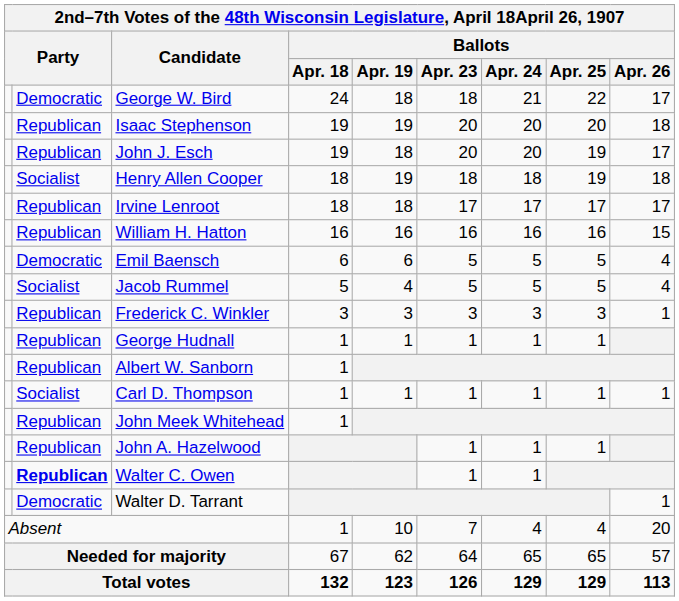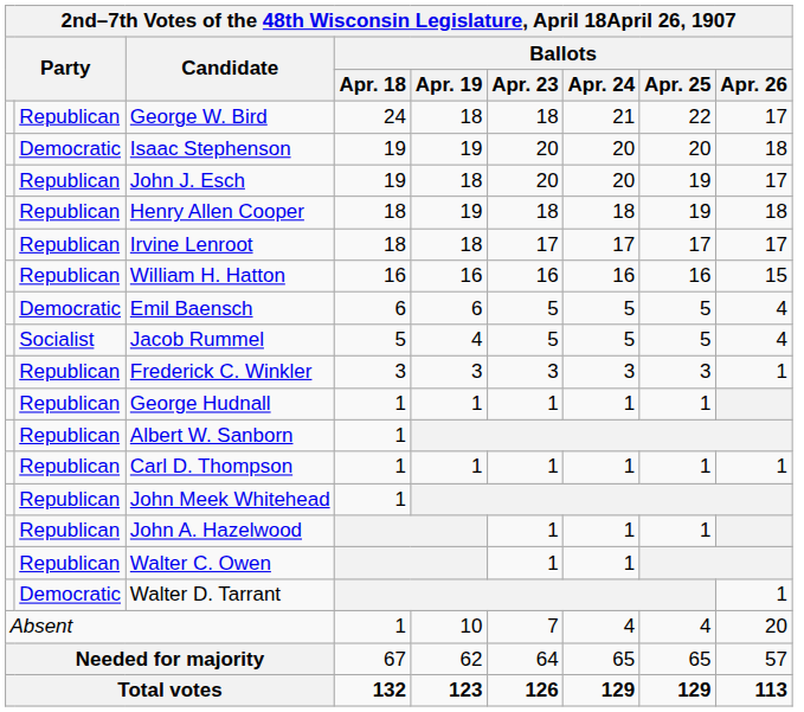 <table class="wikitable sortable">
 <tr>
 <th colspan="9" align="center">2nd–7th Votes of the <a href='#'>48th Wisconsin Legislature</a>, April 18April 26, 1907</th>
 </tr>
 <tr>
 <th colspan="2" rowspan="2" class="unsortable">Party</th>
 <th rowspan="2" class="unsortable">Candidate</th>
 <th colspan="6">Ballots</th>
 </tr>
 <tr>
 <th>Apr. 18</th>
 <th>Apr. 19</th>
 <th>Apr. 23</th>
 <th>Apr. 24</th>
 <th>Apr. 25</th>
 <th>Apr. 26</th>
 </tr>
 <tr>
 <td style="background-color:"></td>
-<td><a href='#'>Democratic</a></td>
+<td><a href='#'>Republican</a></td>
 <td><a href='#'>George W. Bird</a></td>
 <td align="right">24</td>
 <td align="right">18</td>
 <td align="right">18</td>
 <td align="right">21</td>
 <td align="right">22</td>
 <td align="right">17</td>
 </tr>
 <tr>
 <td style="background-color:"></td>
-<td><a href='#'>Republican</a></td>
+<td><a href='#'>Democratic</a></td>
 <td><a href='#'>Isaac Stephenson</a></td>
 <td align="right">19</td>
 <td align="right">19</td>
 <td align="right">20</td>
 <td align="right">20</td>
 <td align="right">20</td>
 <td align="right">18</td>
 </tr>
 <tr>
 <td style="background-color:"></td>
 <td><a href='#'>Republican</a></td>
 <td><a href='#'>John J. Esch</a></td>
 <td align="right">19</td>
 <td align="right">18</td>
 <td align="right">20</td>
 <td align="right">20</td>
 <td align="right">19</td>
 <td align="right">17</td>
 </tr>
 <tr>
 <td style="background-color:"></td>
-<td><a href='#'>Socialist</a></td>
+<td><a href='#'>Republican</a></td>
 <td><a href='#'>Henry Allen Cooper</a></td>
 <td align="right">18</td>
 <td align="right">19</td>
 <td align="right">18</td>
 <td align="right">18</td>
 <td align="right">19</td>
 <td align="right">18</td>
 </tr>
 <tr>
 <td style="background-color:"></td>
 <td><a href='#'>Republican</a></td>
 <td><a href='#'>Irvine Lenroot</a></td>
 <td align="right">18</td>
 <td align="right">18</td>
 <td align="right">17</td>
 <td align="right">17</td>
 <td align="right">17</td>
 <td align="right">17</td>
 </tr>
 <tr>
 <td style="background-color:"></td>
 <td><a href='#'>Republican</a></td>
 <td><a href='#'>William H. Hatton</a></td>
 <td align="right">16</td>
 <td align="right">16</td>
 <td align="right">16</td>
 <td align="right">16</td>
 <td align="right">16</td>
 <td align="right">15</td>
 </tr>
 <tr>
 <td style="background-color:"></td>
 <td><a href='#'>Democratic</a></td>
 <td><a href='#'>Emil Baensch</a></td>
 <td align="right">6</td>
 <td align="right">6</td>
 <td align="right">5</td>
 <td align="right">5</td>
 <td align="right">5</td>
 <td align="right">4</td>
 </tr>
 <tr>
 <td style="background-color:"></td>
 <td><a href='#'>Socialist</a></td>
 <td><a href='#'>Jacob Rummel</a></td>
 <td align="right">5</td>
 <td align="right">4</td>
 <td align="right">5</td>
 <td align="right">5</td>
 <td align="right">5</td>
 <td align="right">4</td>
 </tr>
 <tr>
 <td style="background-color:"></td>
 <td><a href='#'>Republican</a></td>
 <td><a href='#'>Frederick C. Winkler</a></td>
 <td align="right">3</td>
 <td align="right">3</td>
 <td align="right">3</td>
 <td align="right">3</td>
 <td align="right">3</td>
 <td align="right">1</td>
 </tr>
 <tr>
 <td style="background-color:"></td>
 <td><a href='#'>Republican</a></td>
 <td><a href='#'>George Hudnall</a></td>
 <td align="right">1</td>
 <td align="right">1</td>
 <td align="right">1</td>
 <td align="right">1</td>
 <td align="right">1</td>
 <th></th>
 </tr>
 <tr>
 <td style="background-color:"></td>
 <td><a href='#'>Republican</a></td>
 <td><a href='#'>Albert W. Sanborn</a></td>
 <td align="right">1</td>
 <th colspan="5"></th>
 </tr>
 <tr>
 <td style="background-color:"></td>
-<td><a href='#'>Socialist</a></td>
+<td><a href='#'>Republican</a></td>
 <td><a href='#'>Carl D. Thompson</a></td>
 <td align="right">1</td>
 <td align="right">1</td>
 <td align="right">1</td>
 <td align="right">1</td>
 <td align="right">1</td>
 <td align="right">1</td>
 </tr>
 <tr>
 <td style="background-color:"></td>
 <td><a href='#'>Republican</a></td>
 <td><a href='#'>John Meek Whitehead</a></td>
 <td align="right">1</td>
 <th colspan="5"></th>
 </tr>
 <tr>
 <td style="background-color:"></td>
 <td><a href='#'>Republican</a></td>
 <td><a href='#'>John A. Hazelwood</a></td>
 <th colspan="2"></th>
 <td align="right">1</td>
 <td align="right">1</td>
 <td align="right">1</td>
 <th></th>
 </tr>
 <tr>
 <td style="background-color:"></td>
-<td><strong><a href='#'>Republican</a></strong></td>
+<td><a href='#'>Republican</a></td>
 <td><a href='#'>Walter C. Owen</a></td>
 <th colspan="2"></th>
 <td align="right">1</td>
 <td align="right">1</td>
 <th colspan="2"></th>
 </tr>
 <tr>
 <td style="background-color:"></td>
 <td><a href='#'>Democratic</a></td>
 <td>Walter D. Tarrant</td>
 <th colspan="5"></th>
 <td align="right">1</td>
 </tr>
 <tr>
 <td colspan="3"><em>Absent</em></td>
 <td align="right">1</td>
 <td align="right">10</td>
 <td align="right">7</td>
 <td align="right">4</td>
 <td align="right">4</td>
 <td align="right">20</td>
 </tr>
 <tr>
 <th colspan="3">Needed for majority</th>
 <td align="right">67</td>
 <td align="right">62</td>
 <td align="right">64</td>
 <td align="right">65</td>
 <td align="right">65</td>
 <td align="right">57</td>
 </tr>
 <tr>
 <th colspan="3">Total votes</th>
 <td align="right"><strong>132</strong></td>
 <td align="right"><strong>123</strong></td>
 <td align="right"><strong>126</strong></td>
 <td align="right"><strong>129</strong></td>
 <td align="right"><strong>129</strong></td>
 <td align="right"><strong>113</strong></td>
 </tr>
 </table>
